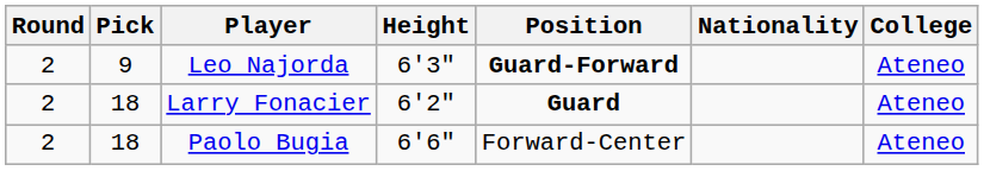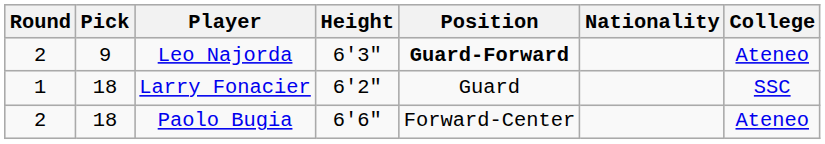 <table class="wikitable sortable sortable">
 <tr>
 <th>Round</th>
 <th>Pick</th>
 <th>Player</th>
 <th>Height</th>
 <th>Position</th>
 <th>Nationality</th>
 <th>College</th>
 </tr>
 <tr style="text-align: center">
 <td>2</td>
 <td>9</td>
 <td><a href='#'>Leo Najorda</a></td>
 <td>6'3"</td>
 <td><strong>Guard-Forward</strong></td>
 <td></td>
 <td><a href='#'>Ateneo</a></td>
 </tr>
 <tr style="text-align: center">
-<td>2</td>
+<td>1</td>
 <td>18</td>
 <td><a href='#'>Larry Fonacier</a></td>
 <td>6'2"</td>
-<td><strong>Guard</strong></td>
+<td>Guard</td>
 <td></td>
-<td><a href='#'>Ateneo</a></td>
+<td><a href='#'>SSC</a></td>
 </tr>
 <tr style="text-align: center">
 <td>2</td>
 <td>18</td>
 <td><a href='#'>Paolo Bugia</a></td>
 <td>6'6"</td>
 <td>Forward-Center</td>
 <td></td>
 <td><a href='#'>Ateneo</a></td>
 </tr>
 </table>
